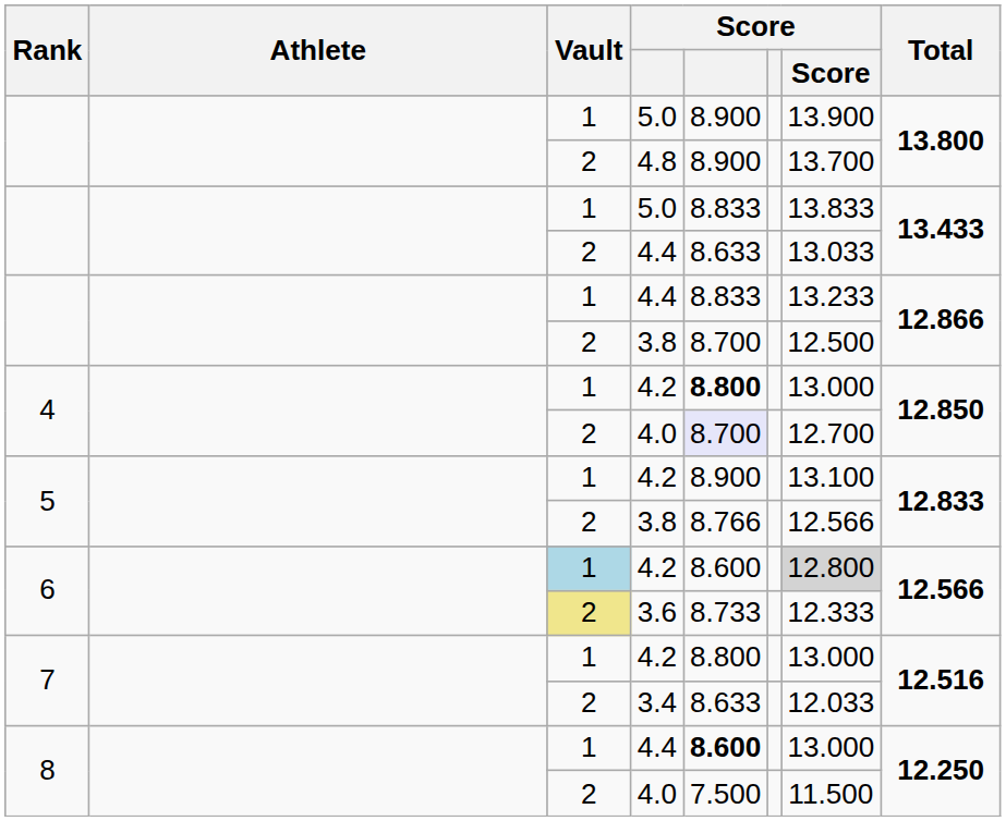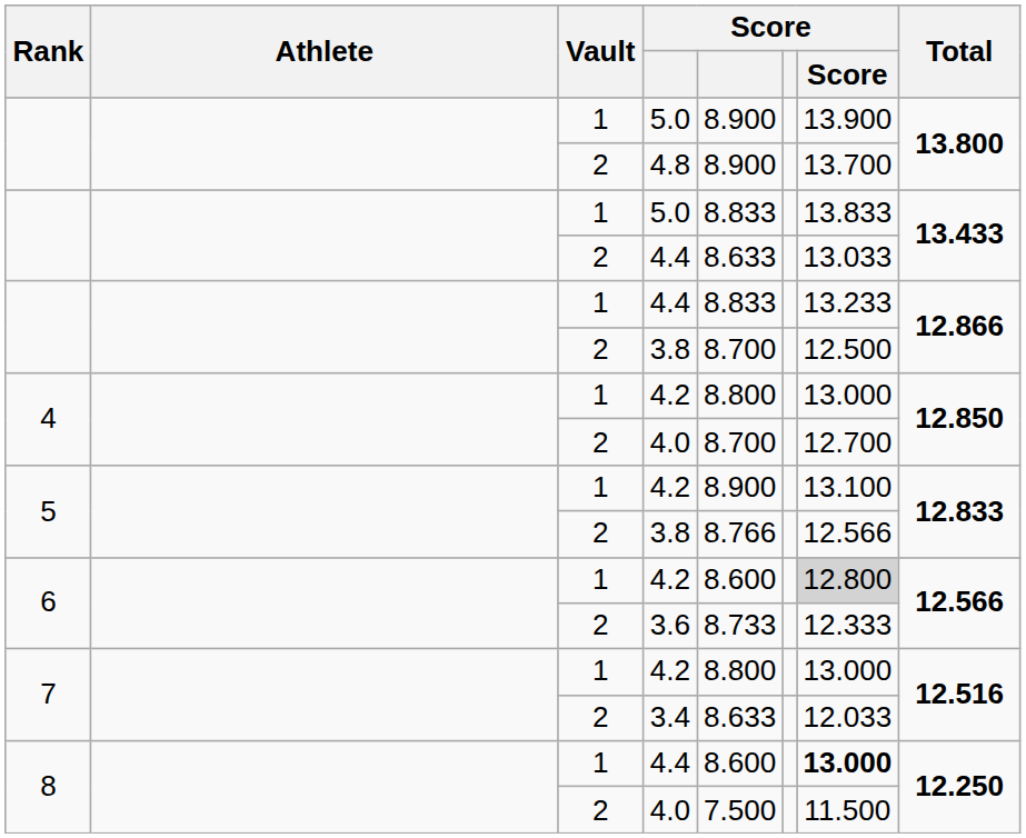 <table class=wikitable style="text-align:center">
 <tr>
 <th width="40" rowspan="2">Rank</th>
 <th width="250" rowspan="2">Athlete</th>
 <th width="40" rowspan="2">Vault</th>
 <th width="60" colspan="4">Score</th>
 <th width="60" rowspan="2">Total</th>
 </tr>
 <tr>
 <th></th>
 <th></th>
 <th></th>
 <th>Score</th>
 </tr>
 <tr>
 <td rowspan="2"></td>
 <td align="left" rowspan="2"></td>
 <td>1</td>
 <td>5.0</td>
 <td>8.900</td>
 <td></td>
 <td>13.900</td>
 <td rowspan="2"><strong>13.800</strong></td>
 </tr>
 <tr>
 <td>2</td>
 <td>4.8</td>
 <td>8.900</td>
 <td></td>
 <td>13.700</td>
 </tr>
 <tr>
 <td rowspan="2"></td>
 <td align="left" rowspan="2"></td>
 <td>1</td>
 <td>5.0</td>
 <td>8.833</td>
 <td></td>
 <td>13.833</td>
 <td rowspan="2"><strong>13.433</strong></td>
 </tr>
 <tr>
 <td>2</td>
 <td>4.4</td>
 <td>8.633</td>
 <td></td>
 <td>13.033</td>
 </tr>
 <tr>
 <td rowspan="2"></td>
 <td align="left" rowspan="2"></td>
 <td>1</td>
 <td>4.4</td>
 <td>8.833</td>
 <td></td>
 <td>13.233</td>
 <td rowspan="2"><strong>12.866</strong></td>
 </tr>
 <tr>
 <td>2</td>
 <td>3.8</td>
 <td>8.700</td>
 <td></td>
 <td>12.500</td>
 </tr>
 <tr>
 <td rowspan="2">4</td>
 <td align="left" rowspan="2"></td>
 <td>1</td>
 <td>4.2</td>
-<td><strong>8.800</strong></td>
+<td>8.800</td>
 <td></td>
 <td>13.000</td>
 <td rowspan="2"><strong>12.850</strong></td>
 </tr>
 <tr>
 <td>2</td>
 <td>4.0</td>
-<td style="background: lavender;">8.700</td>
+<td>8.700</td>
 <td></td>
 <td>12.700</td>
 </tr>
 <tr>
 <td rowspan="2">5</td>
 <td align="left" rowspan="2"></td>
 <td>1</td>
 <td>4.2</td>
 <td>8.900</td>
 <td></td>
 <td>13.100</td>
 <td rowspan="2"><strong>12.833</strong></td>
 </tr>
 <tr>
 <td>2</td>
 <td>3.8</td>
 <td>8.766</td>
 <td></td>
 <td>12.566</td>
 </tr>
 <tr>
 <td rowspan="2">6</td>
 <td align="left" rowspan="2"></td>
-<td style="background: lightblue;">1</td>
+<td>1</td>
 <td>4.2</td>
 <td>8.600</td>
 <td></td>
 <td style="background: lightgrey;">12.800</td>
 <td rowspan="2"><strong>12.566</strong></td>
 </tr>
 <tr>
-<td style="background: khaki;">2</td>
+<td>2</td>
 <td>3.6</td>
 <td>8.733</td>
 <td></td>
 <td>12.333</td>
 </tr>
 <tr>
 <td rowspan="2">7</td>
 <td align="left" rowspan="2"></td>
 <td>1</td>
 <td>4.2</td>
 <td>8.800</td>
 <td></td>
 <td>13.000</td>
 <td rowspan="2"><strong>12.516</strong></td>
 </tr>
 <tr>
 <td>2</td>
 <td>3.4</td>
 <td>8.633</td>
 <td></td>
 <td>12.033</td>
 </tr>
 <tr>
 <td rowspan="2">8</td>
 <td align="left" rowspan="2"></td>
 <td>1</td>
 <td>4.4</td>
-<td><strong>8.600</strong></td>
+<td>8.600</td>
 <td></td>
-<td>13.000</td>
+<td><strong>13.000</strong></td>
 <td rowspan="2"><strong>12.250</strong></td>
 </tr>
 <tr>
 <td>2</td>
 <td>4.0</td>
 <td>7.500</td>
 <td></td>
 <td>11.500</td>
 </tr>
 </table>
